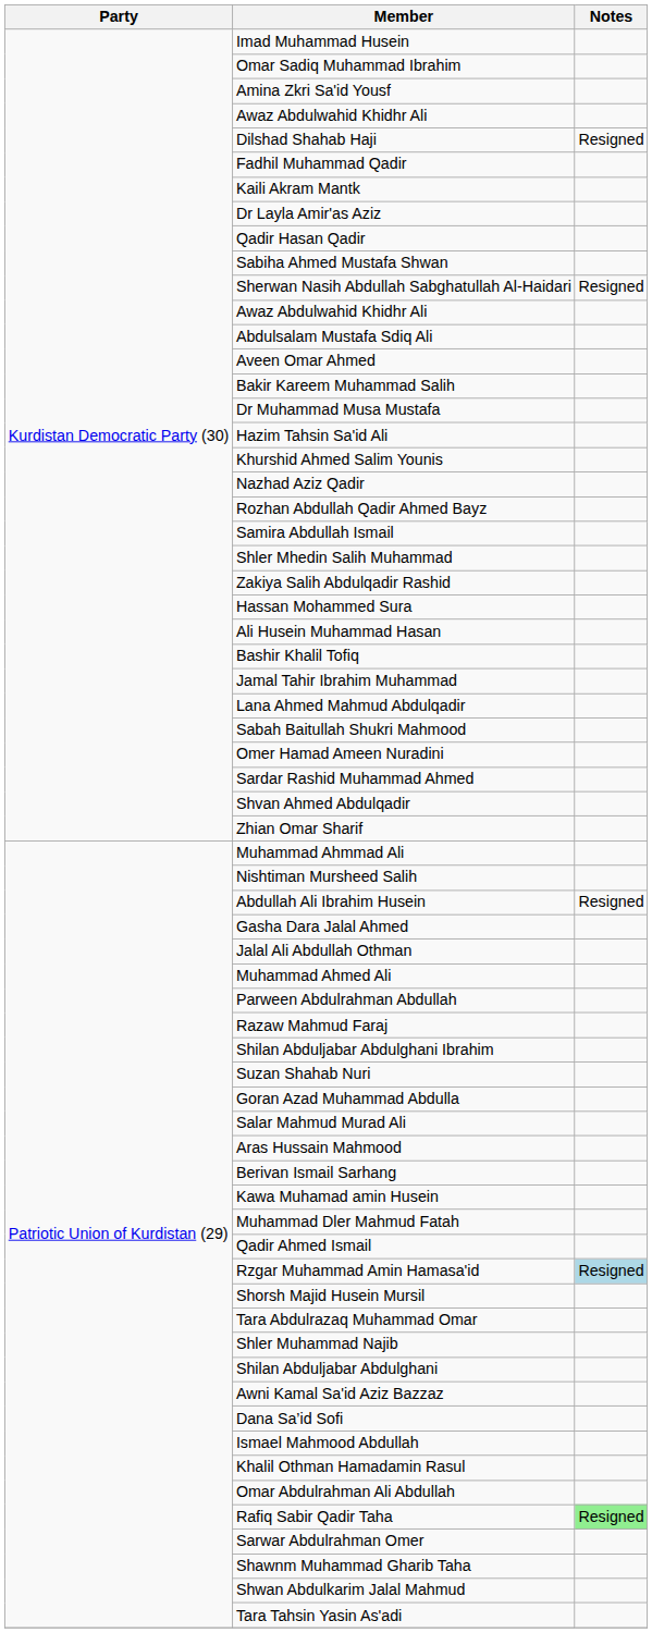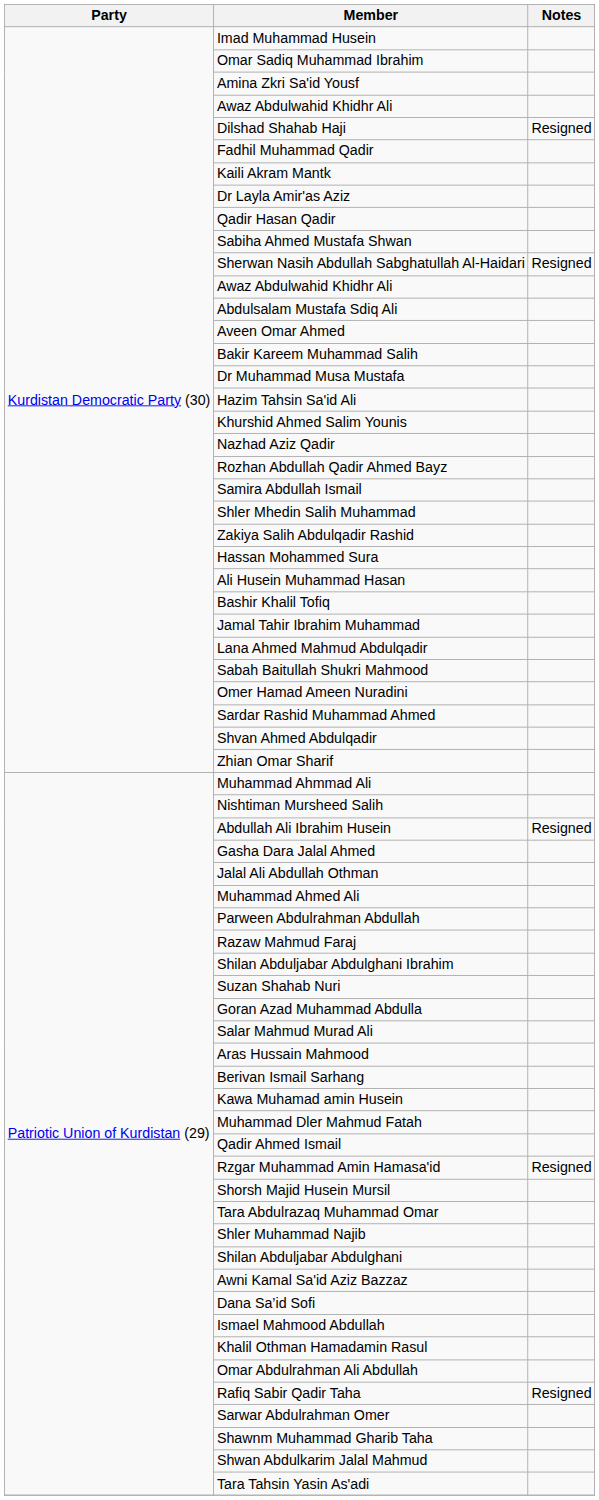 <table class="sort wikitable sortable" style="text-align:left">
 <tr>
 <th>Party</th>
 <th>Member</th>
 <th>Notes</th>
 </tr>
 <tr>
 <td rowspan=33> <a href='#'>Kurdistan Democratic Party</a> (30)</td>
 <td>Imad Muhammad Husein</td>
 <td></td>
 </tr>
 <tr>
 <td>Omar Sadiq Muhammad Ibrahim</td>
 <td></td>
 </tr>
 <tr>
 <td>Amina Zkri Sa'id Yousf</td>
 <td></td>
 </tr>
 <tr>
 <td>Awaz Abdulwahid Khidhr Ali</td>
 <td></td>
 </tr>
 <tr>
 <td>Dilshad Shahab Haji</td>
 <td>Resigned</td>
 </tr>
 <tr>
 <td>Fadhil Muhammad Qadir</td>
 <td></td>
 </tr>
 <tr>
 <td>Kaili Akram Mantk</td>
 <td></td>
 </tr>
 <tr>
 <td>Dr Layla Amir'as Aziz</td>
 <td></td>
 </tr>
 <tr>
 <td>Qadir Hasan Qadir</td>
 <td></td>
 </tr>
 <tr>
 <td>Sabiha Ahmed Mustafa Shwan</td>
 <td></td>
 </tr>
 <tr>
 <td>Sherwan Nasih Abdullah Sabghatullah Al-Haidari</td>
 <td>Resigned</td>
 </tr>
 <tr>
 <td>Awaz Abdulwahid Khidhr Ali</td>
 <td></td>
 </tr>
 <tr>
 <td>Abdulsalam Mustafa Sdiq Ali</td>
 <td></td>
 </tr>
 <tr>
 <td>Aveen Omar Ahmed</td>
 <td></td>
 </tr>
 <tr>
 <td>Bakir Kareem Muhammad Salih</td>
 <td></td>
 </tr>
 <tr>
 <td>Dr Muhammad Musa Mustafa</td>
 <td></td>
 </tr>
 <tr>
 <td>Hazim Tahsin Sa'id Ali</td>
 <td></td>
 </tr>
 <tr>
 <td>Khurshid Ahmed Salim Younis</td>
 <td></td>
 </tr>
 <tr>
 <td>Nazhad Aziz Qadir</td>
 <td></td>
 </tr>
 <tr>
 <td>Rozhan Abdullah Qadir Ahmed Bayz</td>
 <td></td>
 </tr>
 <tr>
 <td>Samira Abdullah Ismail</td>
 <td></td>
 </tr>
 <tr>
 <td>Shler Mhedin Salih Muhammad</td>
 <td></td>
 </tr>
 <tr>
 <td>Zakiya Salih Abdulqadir Rashid</td>
 <td></td>
 </tr>
 <tr>
 <td>Hassan Mohammed Sura</td>
 <td></td>
 </tr>
 <tr>
 <td>Ali Husein Muhammad Hasan</td>
 <td></td>
 </tr>
 <tr>
 <td>Bashir Khalil Tofiq</td>
 <td></td>
 </tr>
 <tr>
 <td>Jamal Tahir Ibrahim Muhammad</td>
 <td></td>
 </tr>
 <tr>
 <td>Lana Ahmed Mahmud Abdulqadir</td>
 <td></td>
 </tr>
 <tr>
 <td>Sabah Baitullah Shukri Mahmood</td>
 <td></td>
 </tr>
 <tr>
 <td>Omer Hamad Ameen Nuradini</td>
 <td></td>
 </tr>
 <tr>
 <td>Sardar Rashid Muhammad Ahmed</td>
 <td></td>
 </tr>
 <tr>
 <td>Shvan Ahmed Abdulqadir</td>
 <td></td>
 </tr>
 <tr>
 <td>Zhian Omar Sharif</td>
 <td></td>
 </tr>
 <tr>
 <td rowspan=32> <a href='#'>Patriotic Union of Kurdistan</a> (29)</td>
 <td>Muhammad Ahmmad Ali</td>
 <td></td>
 </tr>
 <tr>
 <td>Nishtiman Mursheed Salih</td>
 <td></td>
 </tr>
 <tr>
 <td>Abdullah Ali Ibrahim Husein</td>
 <td>Resigned</td>
 </tr>
 <tr>
 <td>Gasha Dara Jalal Ahmed</td>
 <td></td>
 </tr>
 <tr>
 <td>Jalal Ali Abdullah Othman</td>
 <td></td>
 </tr>
 <tr>
 <td>Muhammad Ahmed Ali</td>
 <td></td>
 </tr>
 <tr>
 <td>Parween Abdulrahman Abdullah</td>
 <td></td>
 </tr>
 <tr>
 <td>Razaw Mahmud Faraj</td>
 <td></td>
 </tr>
 <tr>
 <td>Shilan Abduljabar Abdulghani Ibrahim</td>
 <td></td>
 </tr>
 <tr>
 <td>Suzan Shahab Nuri</td>
 <td></td>
 </tr>
 <tr>
 <td>Goran Azad Muhammad Abdulla</td>
 <td></td>
 </tr>
 <tr>
 <td>Salar Mahmud Murad Ali</td>
 <td></td>
 </tr>
 <tr>
 <td>Aras Hussain Mahmood</td>
 <td></td>
 </tr>
 <tr>
 <td>Berivan Ismail Sarhang</td>
 <td></td>
 </tr>
 <tr>
 <td>Kawa Muhamad amin Husein</td>
 <td></td>
 </tr>
 <tr>
 <td>Muhammad Dler Mahmud Fatah</td>
 <td></td>
 </tr>
 <tr>
 <td>Qadir Ahmed Ismail</td>
 <td></td>
 </tr>
 <tr>
 <td>Rzgar Muhammad Amin Hamasa'id</td>
-<td style="background: lightblue;">Resigned</td>
+<td>Resigned</td>
 </tr>
 <tr>
 <td>Shorsh Majid Husein Mursil</td>
 <td></td>
 </tr>
 <tr>
 <td>Tara Abdulrazaq Muhammad Omar</td>
 <td></td>
 </tr>
 <tr>
 <td>Shler Muhammad Najib</td>
 <td></td>
 </tr>
 <tr>
 <td>Shilan Abduljabar Abdulghani</td>
 <td></td>
 </tr>
 <tr>
 <td>Awni Kamal Sa'id Aziz Bazzaz</td>
 <td></td>
 </tr>
 <tr>
 <td>Dana Sa’id Sofi</td>
 <td></td>
 </tr>
 <tr>
 <td>Ismael Mahmood Abdullah</td>
 <td></td>
 </tr>
 <tr>
 <td>Khalil Othman Hamadamin Rasul</td>
 <td></td>
 </tr>
 <tr>
 <td>Omar Abdulrahman Ali Abdullah</td>
 <td></td>
 </tr>
 <tr>
 <td>Rafiq Sabir Qadir Taha</td>
-<td style="background: lightgreen;">Resigned</td>
+<td>Resigned</td>
 </tr>
 <tr>
 <td>Sarwar Abdulrahman Omer</td>
 <td></td>
 </tr>
 <tr>
 <td>Shawnm Muhammad Gharib Taha</td>
 <td></td>
 </tr>
 <tr>
 <td>Shwan Abdulkarim Jalal Mahmud</td>
 <td></td>
 </tr>
 <tr>
 <td>Tara Tahsin Yasin As'adi</td>
 <td></td>
 </tr>
 <tr>
 </tr>
 </table>
